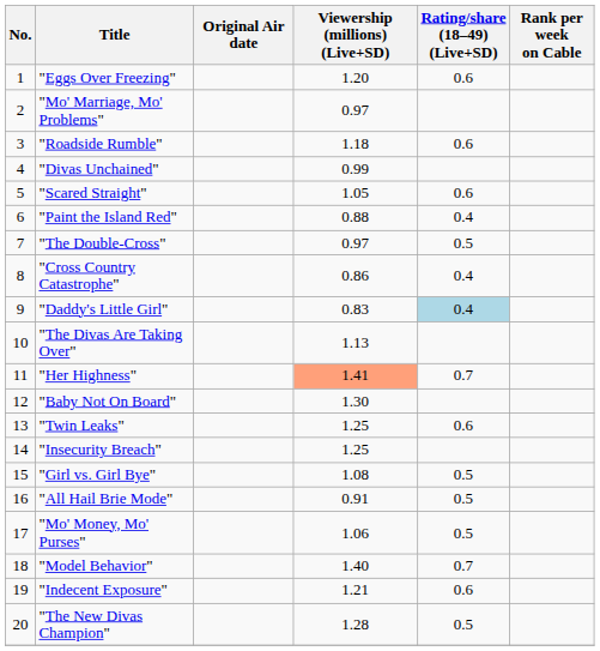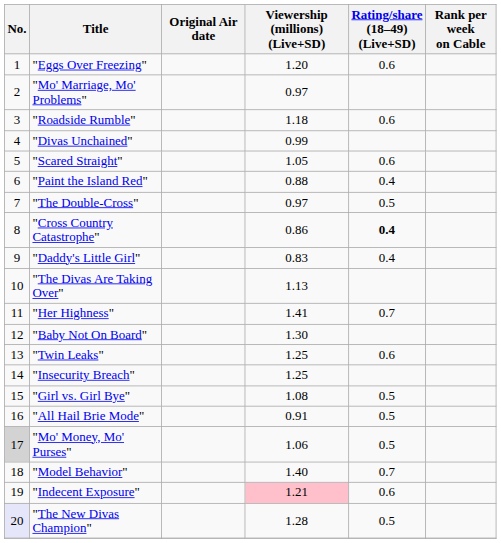 <table class="wikitable sortable" style="text-align:center;">
 <tr>
 <th>No.</th>
 <th>Title</th>
 <th>Original Air date</th>
 <th data-sort-type="number">Viewership (millions)<br>(Live+SD)</th>
 <th data-sort-type="number"><a href='#'>Rating/share</a><br>(18–49)<br>(Live+SD)</th>
 <th data-sort-type="number">Rank per week<br>on Cable</th>
 </tr>
 <tr>
 <td>1</td>
 <td style="text-align:left;">"<a href='#'>Eggs Over Freezing</a>"</td>
 <td></td>
 <td>1.20</td>
 <td>0.6</td>
 <td></td>
 </tr>
 <tr>
 <td>2</td>
 <td style="text-align:left;">"<a href='#'>Mo' Marriage, Mo' Problems</a>"</td>
 <td></td>
 <td>0.97</td>
 <td></td>
 <td></td>
 </tr>
 <tr>
 <td>3</td>
 <td style="text-align:left;">"<a href='#'>Roadside Rumble</a>"</td>
 <td></td>
 <td>1.18</td>
 <td>0.6</td>
 <td></td>
 </tr>
 <tr>
 <td>4</td>
 <td style="text-align:left;">"<a href='#'>Divas Unchained</a>"</td>
 <td></td>
 <td>0.99</td>
 <td></td>
 <td></td>
 </tr>
 <tr>
 <td>5</td>
 <td style="text-align:left;">"<a href='#'>Scared Straight</a>"</td>
 <td></td>
 <td>1.05</td>
 <td>0.6</td>
 <td></td>
 </tr>
 <tr>
 <td>6</td>
 <td style="text-align:left;">"<a href='#'>Paint the Island Red</a>"</td>
 <td></td>
 <td>0.88</td>
 <td>0.4</td>
 <td></td>
 </tr>
 <tr>
 <td>7</td>
 <td style="text-align:left;">"<a href='#'>The Double-Cross</a>"</td>
 <td></td>
 <td>0.97</td>
 <td>0.5</td>
 <td></td>
 </tr>
 <tr>
 <td>8</td>
 <td style="text-align:left;">"<a href='#'>Cross Country Catastrophe</a>"</td>
 <td></td>
 <td>0.86</td>
-<td>0.4</td>
+<td><strong>0.4</strong></td>
 <td></td>
 </tr>
 <tr>
 <td>9</td>
 <td style="text-align:left;">"<a href='#'>Daddy's Little Girl</a>"</td>
 <td></td>
 <td>0.83</td>
-<td style="background: lightblue;">0.4</td>
+<td>0.4</td>
 <td></td>
 </tr>
 <tr>
 <td>10</td>
 <td style="text-align:left;">"<a href='#'>The Divas Are Taking Over</a>"</td>
 <td></td>
 <td>1.13</td>
 <td></td>
 <td></td>
 </tr>
 <tr>
 <td>11</td>
 <td style="text-align:left;">"<a href='#'>Her Highness</a>"</td>
 <td></td>
-<td style="background: lightsalmon;">1.41</td>
+<td>1.41</td>
 <td>0.7</td>
 <td></td>
 </tr>
 <tr>
 <td>12</td>
 <td style="text-align:left;">"<a href='#'>Baby Not On Board</a>"</td>
 <td></td>
 <td>1.30</td>
 <td></td>
 <td></td>
 </tr>
 <tr>
 <td>13</td>
 <td style="text-align:left;">"<a href='#'>Twin Leaks</a>"</td>
 <td></td>
 <td>1.25</td>
 <td>0.6</td>
 <td></td>
 </tr>
 <tr>
 <td>14</td>
 <td style="text-align:left;">"<a href='#'>Insecurity Breach</a>"</td>
 <td></td>
 <td>1.25</td>
 <td></td>
 <td></td>
 </tr>
 <tr>
 <td>15</td>
 <td style="text-align:left;">"<a href='#'>Girl vs. Girl Bye</a>"</td>
 <td></td>
 <td>1.08</td>
 <td>0.5</td>
 <td></td>
 </tr>
 <tr>
 <td>16</td>
 <td style="text-align:left;">"<a href='#'>All Hail Brie Mode</a>"</td>
 <td></td>
 <td>0.91</td>
 <td>0.5</td>
 <td></td>
 </tr>
 <tr>
-<td>17</td>
+<td style="background: lightgrey;">17</td>
 <td style="text-align:left;">"<a href='#'>Mo' Money, Mo' Purses</a>"</td>
 <td></td>
 <td>1.06</td>
 <td>0.5</td>
 <td></td>
 </tr>
 <tr>
 <td>18</td>
 <td style="text-align:left;">"<a href='#'>Model Behavior</a>"</td>
 <td></td>
 <td>1.40</td>
 <td>0.7</td>
 <td></td>
 </tr>
 <tr>
 <td>19</td>
 <td style="text-align:left;">"<a href='#'>Indecent Exposure</a>"</td>
 <td></td>
-<td>1.21</td>
+<td style="background: pink;">1.21</td>
 <td>0.6</td>
 <td></td>
 </tr>
 <tr>
-<td>20</td>
+<td style="background: lavender;">20</td>
 <td style="text-align:left;">"<a href='#'>The New Divas Champion</a>"</td>
 <td></td>
 <td>1.28</td>
 <td>0.5</td>
 <td></td>
 </tr>
 <tr>
 </tr>
 </table>
